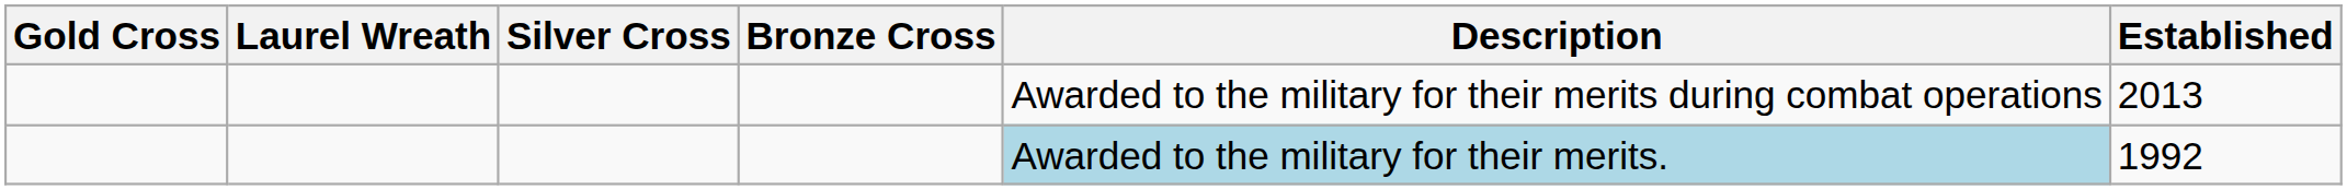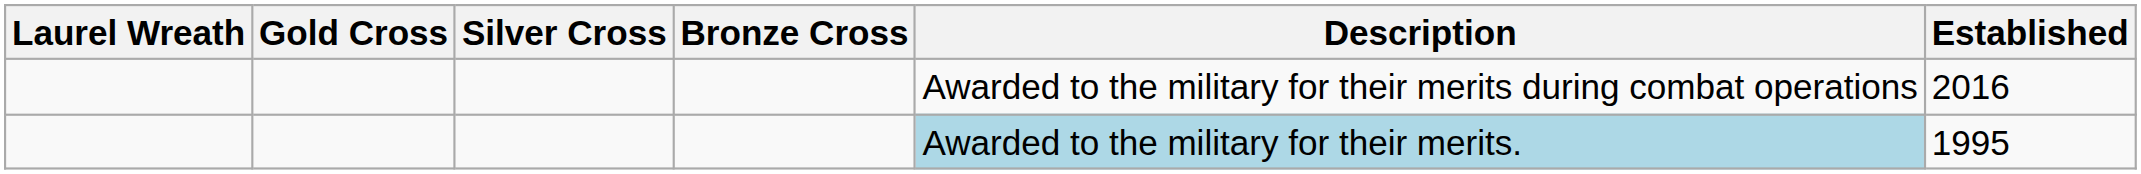 <table class="wikitable" style="font-size:85%;">
 <tr>
+<th><big>Laurel Wreath</big></th>
 <th><big>Gold Cross</big></th>
-<th><big>Laurel Wreath</big></th>
 <th><big>Silver Cross</big></th>
 <th><big>Bronze Cross</big></th>
 <th><big>Description</big></th>
 <th><big>Established</big></th>
 </tr>
 <tr>
 <td><big></big></td>
 <td><big></big></td>
 <td><big></big></td>
 <td><big></big></td>
 <td><big>Awarded to the military for their merits during combat operations</big></td>
-<td><big>2013</big></td>
+<td><big>2016</big></td>
 </tr>
 <tr>
 <td><big></big></td>
 <td><big></big></td>
 <td><big></big></td>
 <td><big></big></td>
 <td style="background: lightblue;"><big>Awarded to the military for their merits.</big></td>
-<td><big>1992</big></td>
+<td><big>1995</big></td>
 </tr>
 </table>
